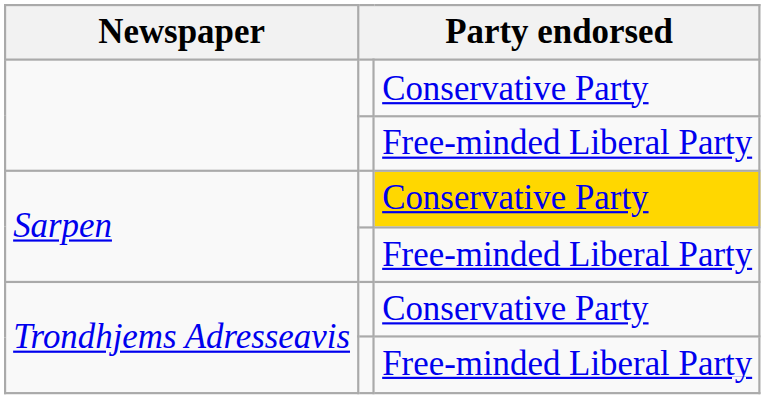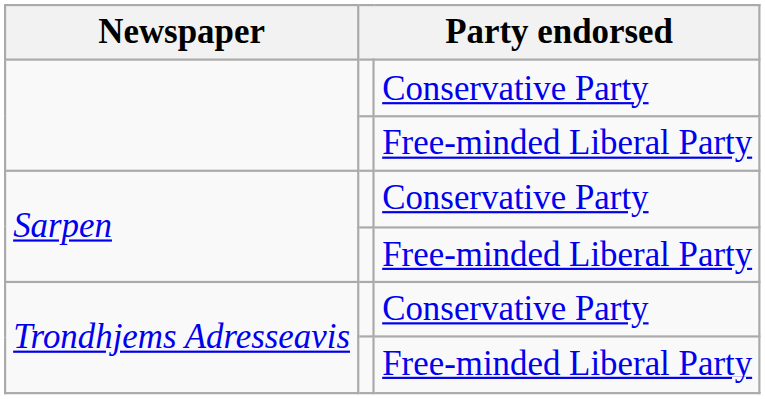 <table class="wikitable">
 <tr>
 <th>Newspaper</th>
 <th colspan=2>Party endorsed</th>
 </tr>
 <tr>
 <td rowspan="2"><em></em></td>
 <td bgcolor=></td>
 <td><a href='#'>Conservative Party</a></td>
 </tr>
 <tr>
 <td bgcolor=></td>
 <td><a href='#'>Free-minded Liberal Party</a></td>
 </tr>
 <tr>
 <td rowspan="2"><em><a href='#'>Sarpen</a></em></td>
 <td bgcolor=></td>
-<td style="background: gold;"><a href='#'>Conservative Party</a></td>
+<td><a href='#'>Conservative Party</a></td>
 </tr>
 <tr>
 <td bgcolor=></td>
 <td><a href='#'>Free-minded Liberal Party</a></td>
 </tr>
 <tr>
 <td rowspan="2"><em><a href='#'>Trondhjems Adresseavis</a></em></td>
 <td bgcolor=></td>
 <td><a href='#'>Conservative Party</a></td>
 </tr>
 <tr>
 <td bgcolor=></td>
 <td><a href='#'>Free-minded Liberal Party</a></td>
 </tr>
 </table>
